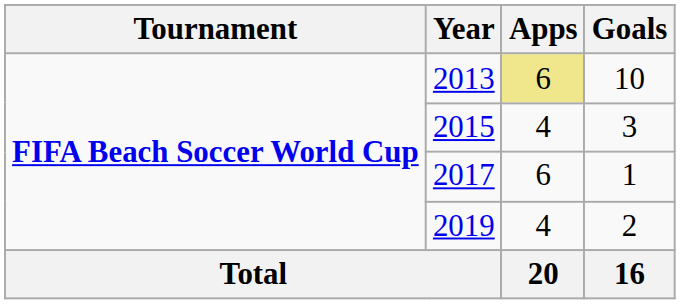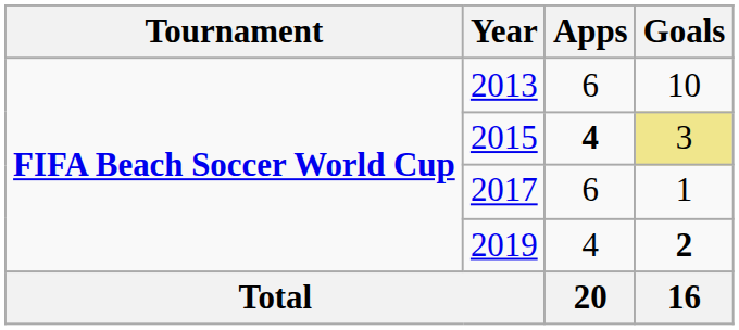 <table class="wikitable" style="text-align:center;">
 <tr>
 <th>Tournament</th>
 <th>Year</th>
 <th>Apps</th>
 <th>Goals</th>
 </tr>
 <tr>
 <td rowspan="4"><strong><a href='#'>FIFA Beach Soccer World Cup</a></strong></td>
 <td> <a href='#'>2013</a></td>
-<td style="background: khaki;">6</td>
+<td>6</td>
 <td>10</td>
 </tr>
 <tr>
 <td> <a href='#'>2015</a></td>
-<td>4</td>
-<td>3</td>
+<td><strong>4</strong></td>
+<td style="background: khaki;">3</td>
 </tr>
 <tr>
 <td> <a href='#'>2017</a></td>
 <td>6</td>
 <td>1</td>
 </tr>
 <tr>
 <td> <a href='#'>2019</a></td>
 <td>4</td>
-<td>2</td>
+<td><strong>2</strong></td>
 </tr>
 <tr>
 <th colspan=2>Total</th>
 <th>20</th>
 <th>16</th>
 </tr>
 </table>
